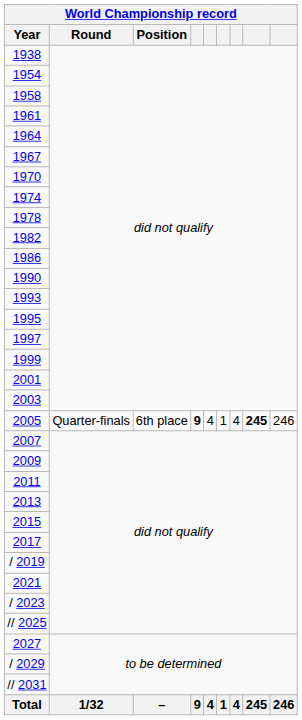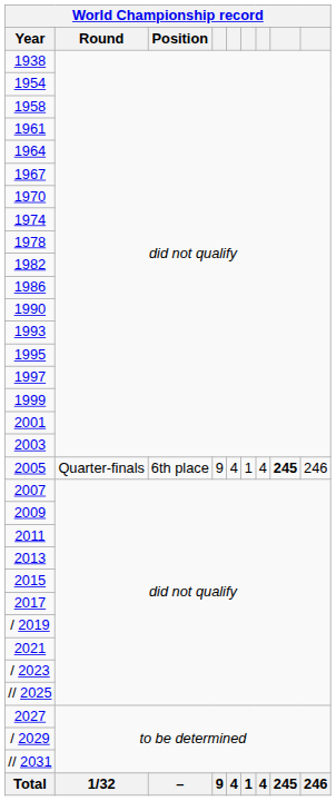 <table class="wikitable" style="text-align: center;">
 <tr>
 <th colspan=9><a href='#'>World Championship record</a></th>
 </tr>
 <tr>
 <th>Year</th>
 <th>Round</th>
 <th>Position</th>
 <th></th>
 <th></th>
 <th></th>
 <th></th>
 <th></th>
 <th></th>
 </tr>
 <tr>
 <td> <a href='#'>1938</a></td>
 <td colspan="8" rowspan="18"><em>did not qualify</em></td>
 </tr>
 <tr>
 <td> <a href='#'>1954</a></td>
 </tr>
 <tr>
 <td> <a href='#'>1958</a></td>
 </tr>
 <tr>
 <td> <a href='#'>1961</a></td>
 </tr>
 <tr>
 <td> <a href='#'>1964</a></td>
 </tr>
 <tr>
 <td> <a href='#'>1967</a></td>
 </tr>
 <tr>
 <td> <a href='#'>1970</a></td>
 </tr>
 <tr>
 <td> <a href='#'>1974</a></td>
 </tr>
 <tr>
 <td> <a href='#'>1978</a></td>
 </tr>
 <tr>
 <td> <a href='#'>1982</a></td>
 </tr>
 <tr>
 <td> <a href='#'>1986</a></td>
 </tr>
 <tr>
 <td> <a href='#'>1990</a></td>
 </tr>
 <tr>
 <td> <a href='#'>1993</a></td>
 </tr>
 <tr>
 <td> <a href='#'>1995</a></td>
 </tr>
 <tr>
 <td> <a href='#'>1997</a></td>
 </tr>
 <tr>
 <td> <a href='#'>1999</a></td>
 </tr>
 <tr>
 <td> <a href='#'>2001</a></td>
 </tr>
 <tr>
 <td> <a href='#'>2003</a></td>
 </tr>
 <tr>
 <td> <a href='#'>2005</a></td>
 <td>Quarter-finals</td>
 <td>6th place</td>
-<td><strong>9</strong></td>
+<td>9</td>
 <td>4</td>
 <td>1</td>
 <td>4</td>
 <td><strong>245</strong></td>
 <td>246</td>
 </tr>
 <tr>
 <td> <a href='#'>2007</a></td>
 <td colspan="8" rowspan="10"><em>did not qualify</em></td>
 </tr>
 <tr>
 <td> <a href='#'>2009</a></td>
 </tr>
 <tr>
 <td> <a href='#'>2011</a></td>
 </tr>
 <tr>
 <td> <a href='#'>2013</a></td>
 </tr>
 <tr>
 <td> <a href='#'>2015</a></td>
 </tr>
 <tr>
 <td> <a href='#'>2017</a></td>
 </tr>
 <tr>
 <td>/ <a href='#'>2019</a></td>
 </tr>
 <tr>
 <td> <a href='#'>2021</a></td>
 </tr>
 <tr>
 <td>/ <a href='#'>2023</a></td>
 </tr>
 <tr>
 <td>// <a href='#'>2025</a></td>
 </tr>
 <tr>
 <td> <a href='#'>2027</a></td>
 <td colspan="8" rowspan="3"><em>to be determined</em></td>
 </tr>
 <tr>
 <td>/ <a href='#'>2029</a></td>
 </tr>
 <tr>
 <td>// <a href='#'>2031</a></td>
 </tr>
 <tr>
 <th>Total</th>
 <th>1/32</th>
 <th>–</th>
 <th>9</th>
 <th>4</th>
 <th>1</th>
 <th>4</th>
 <th>245</th>
 <th>246</th>
 </tr>
 </table>
